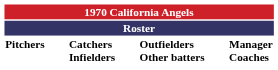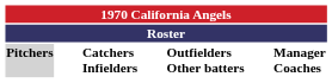 <table class="toccolours" style="font-size: 95%;">
 <tr>
 <th colspan="10" style="background-color: #CE2029; color: white; text-align: center;">1970 California Angels</th>
 </tr>
 <tr>
 <td colspan="10" style="background-color: #333366; color: white; text-align: center;"><strong>Roster</strong></td>
 </tr>
 <tr>
-<td valign="top"><strong>Pitchers</strong><br>               </td>
+<td valign="top" style="background: lightgrey;"><strong>Pitchers</strong><br>               </td>
 <td width="25px"></td>
 <td valign="top"><strong>Catchers</strong><br>   <strong>Infielders</strong>         </td>
 <td width="25px"></td>
 <td valign="top"><strong>Outfielders</strong><br>           <strong>Other batters</strong> </td>
 <td width="25px"></td>
 <td valign="top"><strong>Manager</strong><br> <strong>Coaches</strong>    </td>
 </tr>
 <tr>
 </tr>
 </table>
